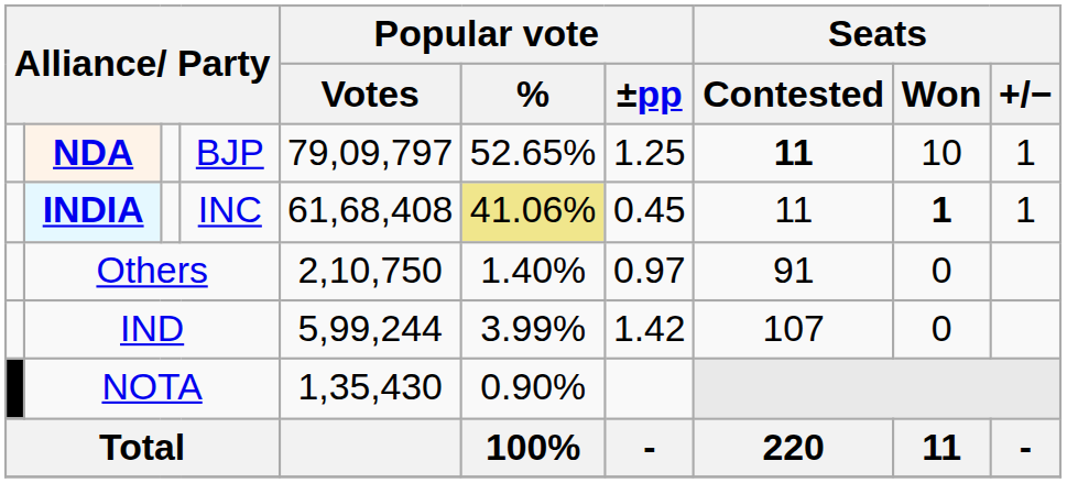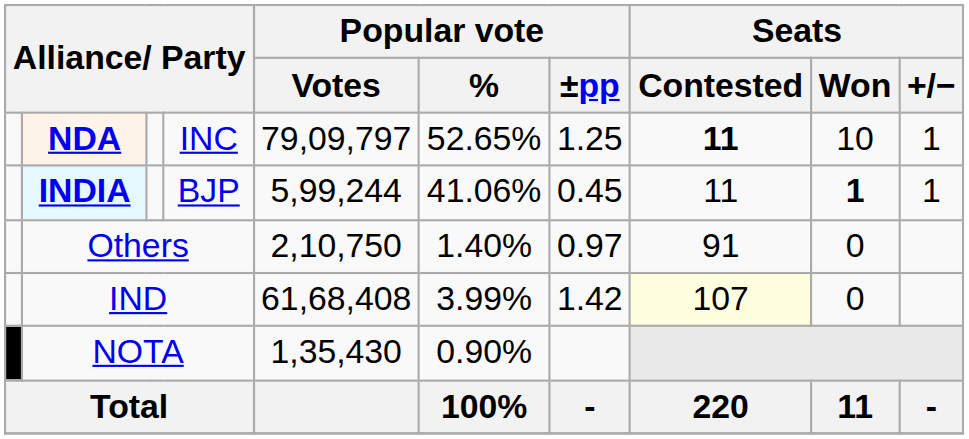 <table class="wikitable sortable" style="text-align:center;">
 <tr>
 <th colspan="4" rowspan="2">Alliance/ Party</th>
 <th colspan="3">Popular vote</th>
 <th colspan="3">Seats</th>
 </tr>
 <tr>
 <th>Votes</th>
 <th>%</th>
 <th>±<a href='#'>pp</a></th>
 <th>Contested</th>
 <th>Won</th>
 <th><strong>+/−</strong></th>
 </tr>
 <tr>
 <td></td>
 <th style="background:#fef3e8"><a href='#'>NDA</a></th>
 <td></td>
-<td><a href='#'>BJP</a></td>
+<td><a href='#'>INC</a></td>
 <td>79,09,797</td>
 <td>52.65%</td>
 <td> 1.25</td>
 <td><strong>11</strong></td>
 <td>10</td>
 <td> 1</td>
 </tr>
 <tr>
 <td></td>
 <th style="background:#E5F8FF"><a href='#'>INDIA</a></th>
 <td></td>
-<td><a href='#'>INC</a></td>
-<td>61,68,408</td>
-<td style="background: khaki;">41.06%</td>
+<td><a href='#'>BJP</a></td>
+<td>5,99,244</td>
+<td>41.06%</td>
 <td> 0.45</td>
 <td>11</td>
 <td><strong>1</strong></td>
 <td> 1</td>
 </tr>
 <tr>
 <td></td>
 <td colspan="3"><a href='#'>Others</a></td>
 <td>2,10,750</td>
 <td>1.40%</td>
 <td> 0.97</td>
 <td>91</td>
 <td>0</td>
 <td></td>
 </tr>
 <tr>
 <td></td>
 <td colspan="3"><a href='#'>IND</a></td>
-<td>5,99,244</td>
+<td>61,68,408</td>
 <td>3.99%</td>
 <td> 1.42</td>
-<td>107</td>
+<td style="background: lightyellow;">107</td>
 <td>0</td>
 <td></td>
 </tr>
 <tr>
 <td bgcolor="Black"></td>
 <td colspan="3"><a href='#'>NOTA</a></td>
 <td>1,35,430</td>
 <td>0.90%</td>
 <td></td>
 <th colspan="3" style="background-color:#E9E9E9"></th>
 </tr>
 <tr>
 <th colspan="4">Total</th>
 <th></th>
 <th>100%</th>
 <th>-</th>
 <th>220</th>
 <th>11</th>
 <th>-</th>
 </tr>
 <tr>
 </tr>
 </table>
